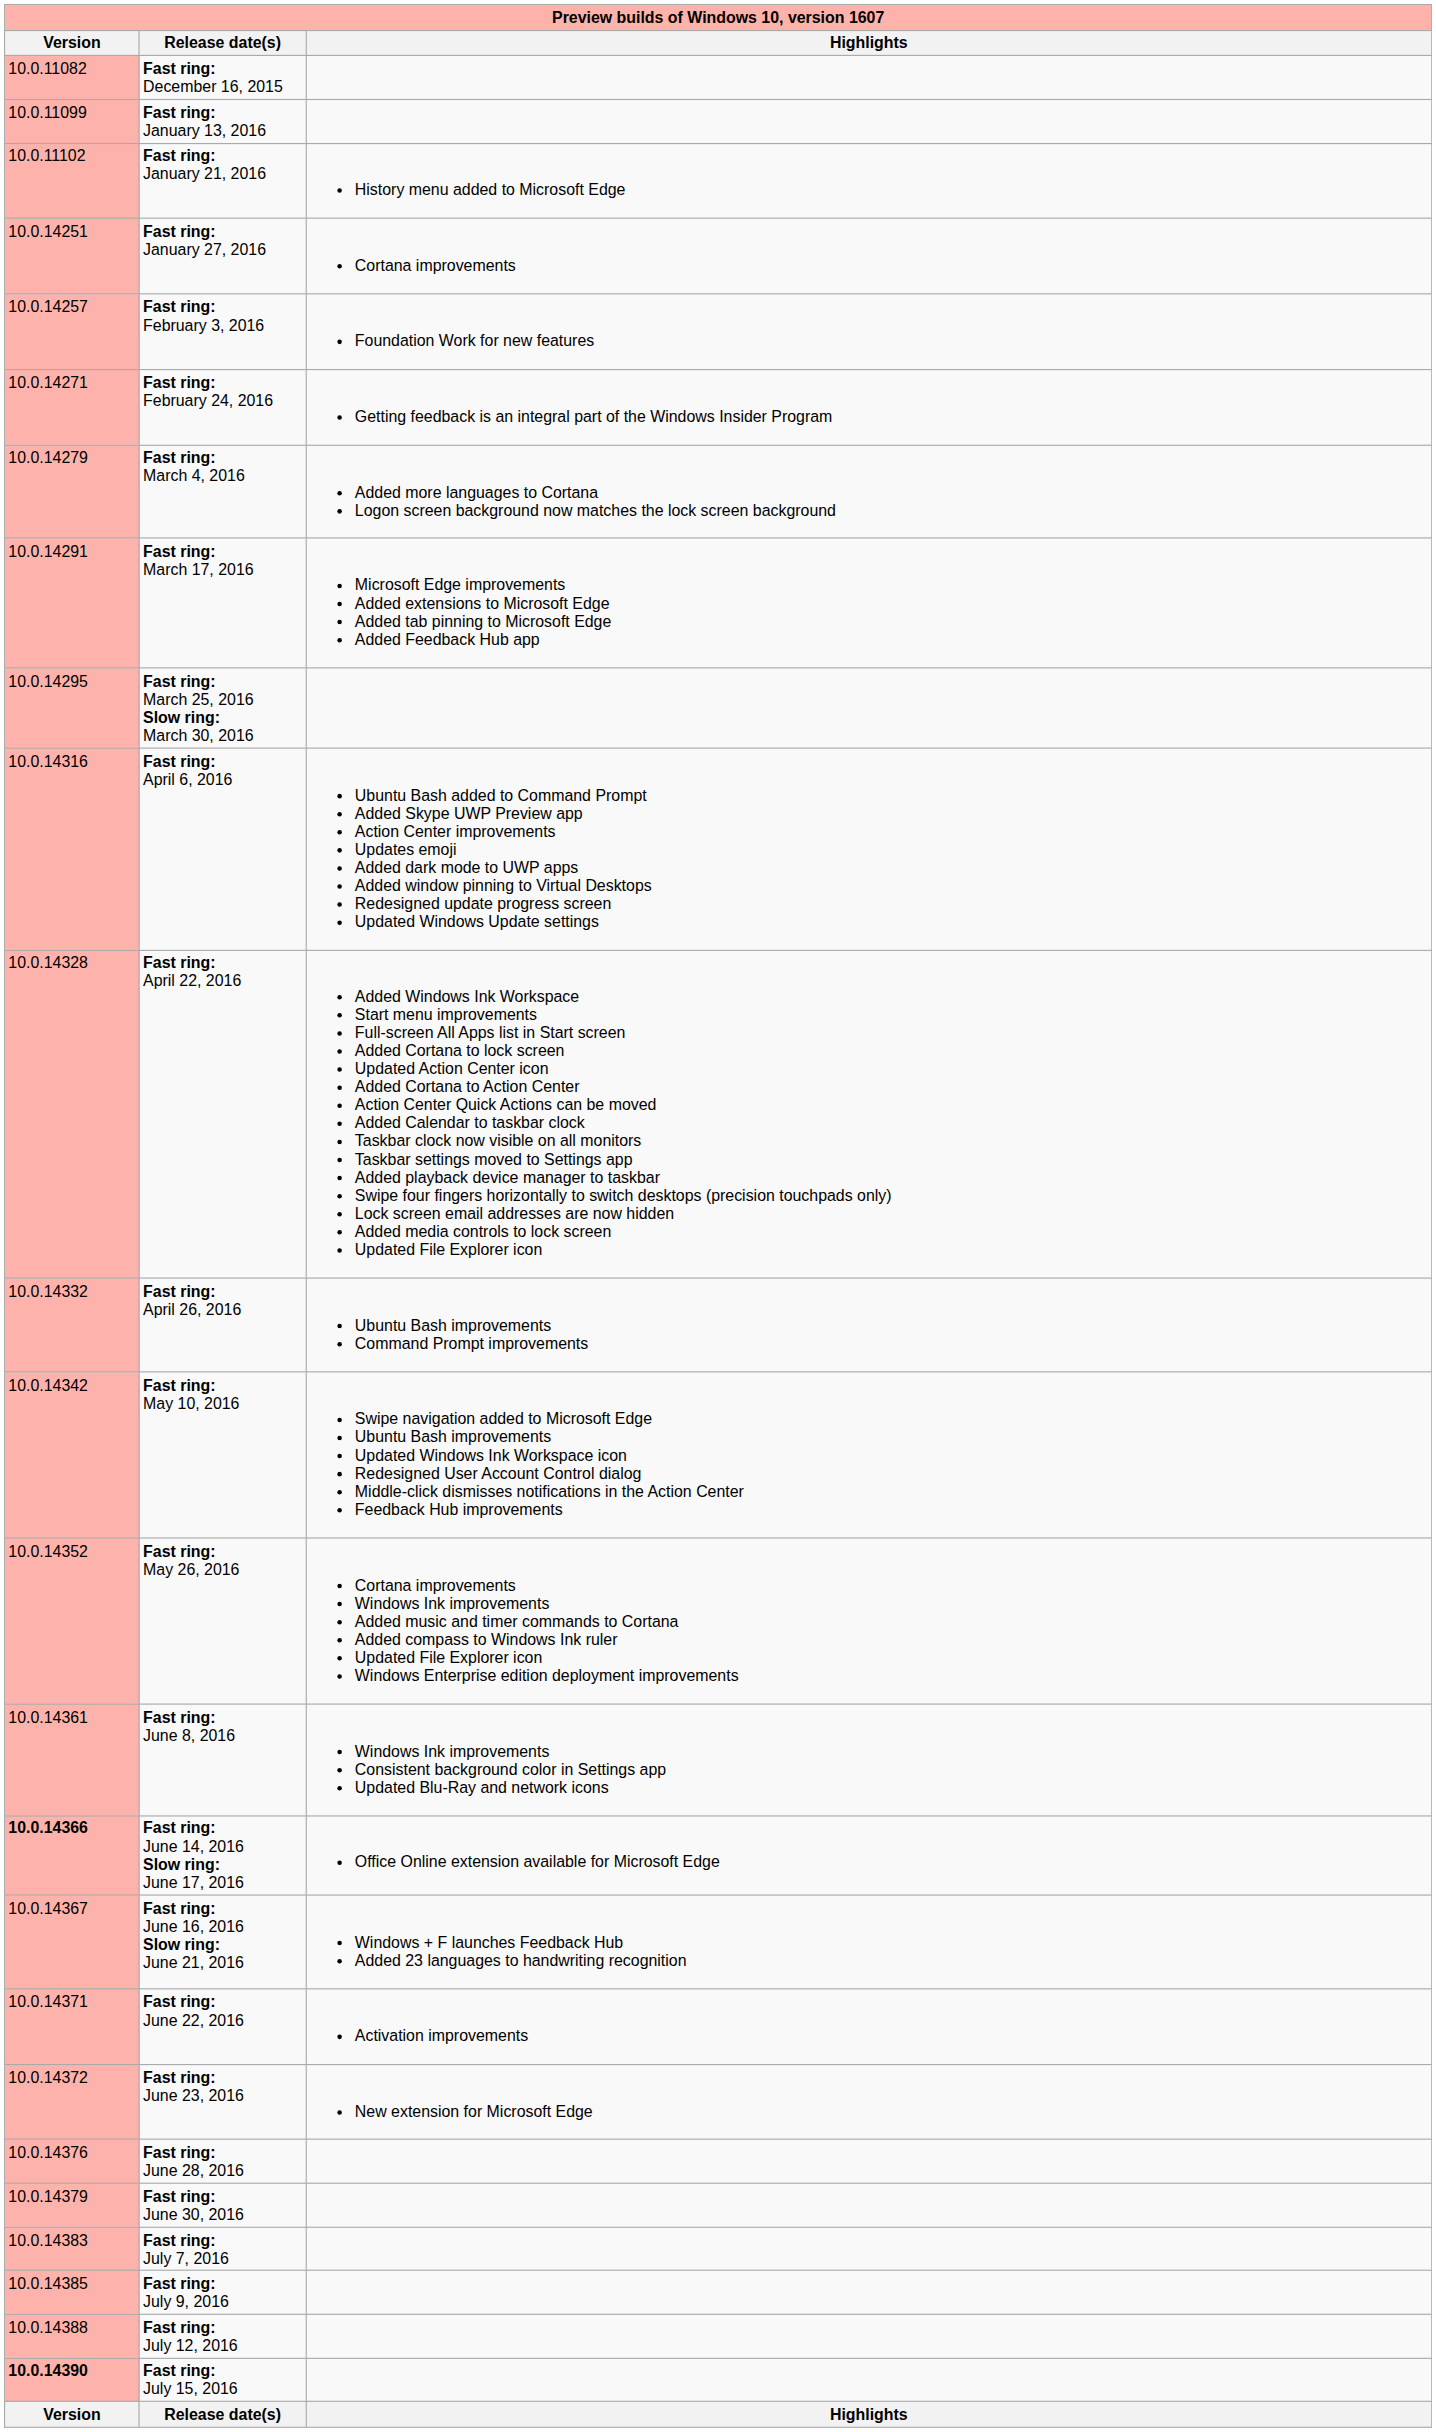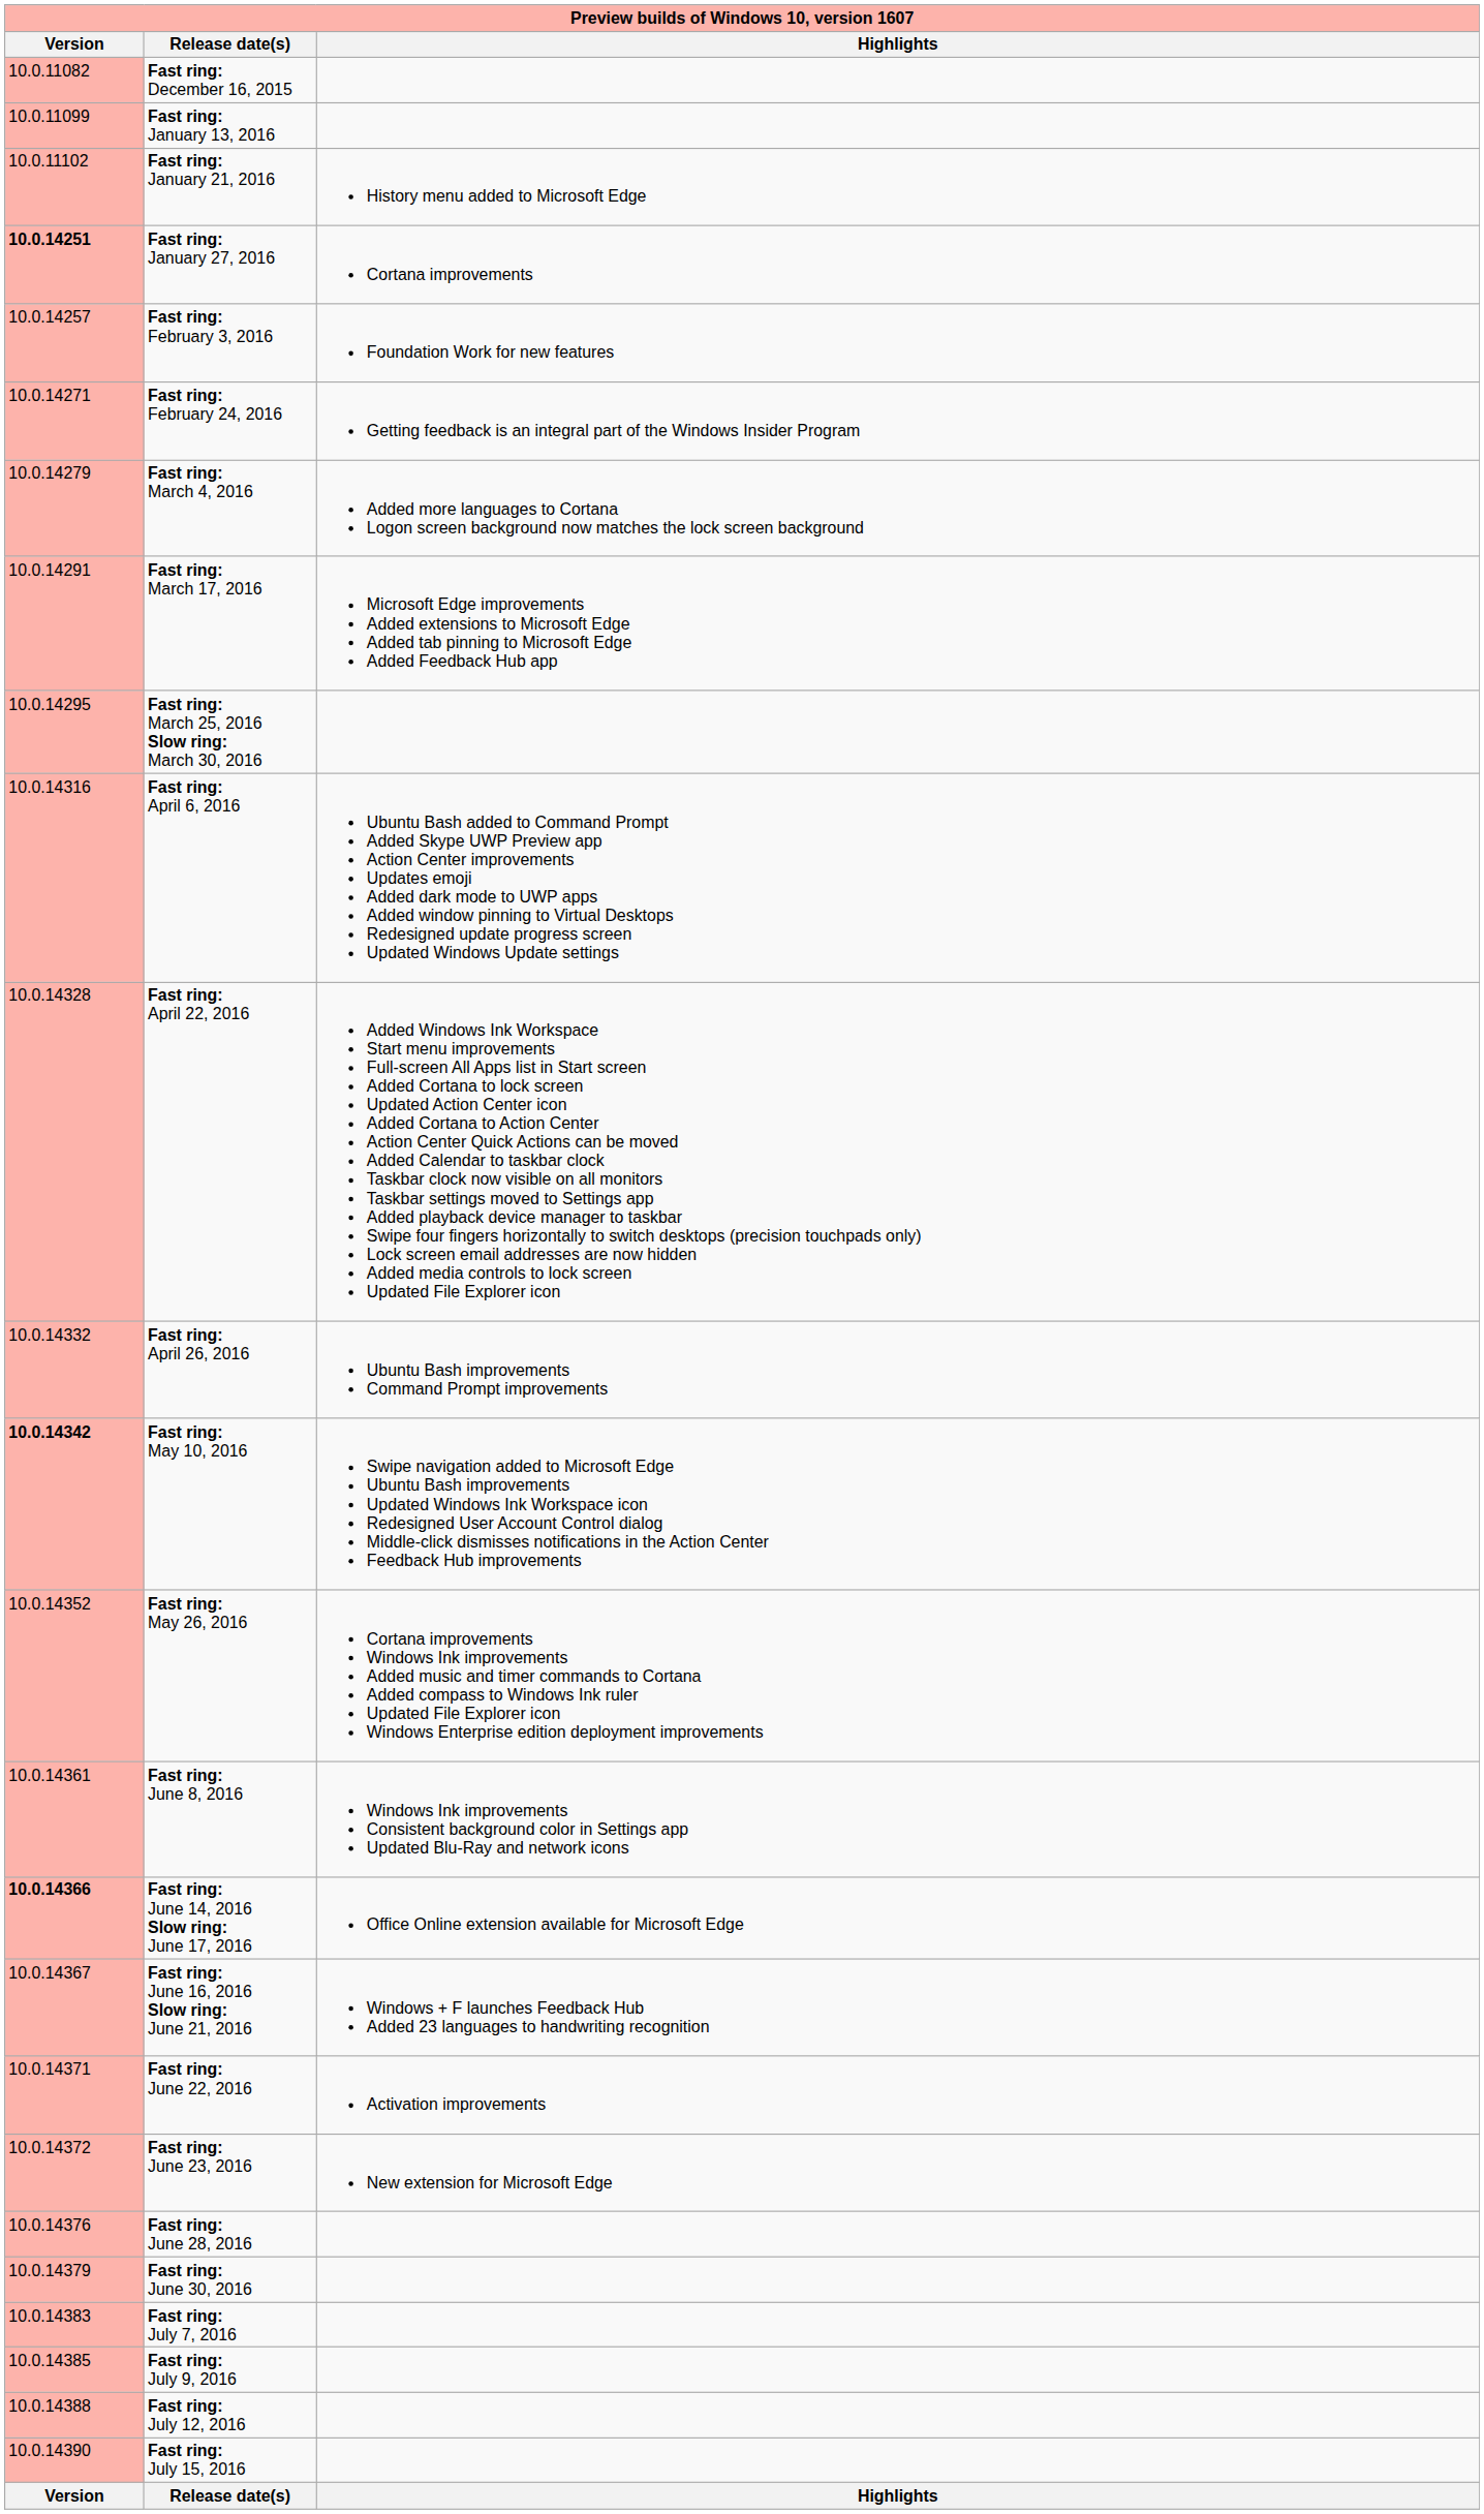 <table class="wikitable mw-collapsible mw-collapsed" style=width:100%;font-size:88%>
 <tr>
 <th colspan=3 style=background:#fdb3ab;text-align:center>Preview builds of Windows 10, version 1607</th>
 </tr>
 <tr>
 <th scope=col style=width:8em;text-align:center>Version</th>
 <th scope=col style=width:10em;text-align:center>Release date(s)</th>
 <th scope=col style=text-align:center>Highlights</th>
 </tr>
 <tr style=vertical-align:top>
 <td style=background:#fdb3ab>10.0.11082<br></td>
 <td><strong>Fast ring:</strong><br>December 16, 2015</td>
 <td></td>
 </tr>
 <tr valign=top>
 <td style=background:#fdb3ab>10.0.11099<br></td>
 <td><strong>Fast ring:</strong><br>January 13, 2016</td>
 <td></td>
 </tr>
 <tr valign=top>
 <td style=background:#fdb3ab>10.0.11102<br></td>
 <td><strong>Fast ring:</strong><br>January 21, 2016</td>
 <td><br><ul><li>History menu added to Microsoft Edge</li></ul></td>
 </tr>
 <tr valign=top>
-<td style=background:#fdb3ab>10.0.14251<br></td>
+<td style=background:#fdb3ab><strong>10.0.14251<br></strong></td>
 <td><strong>Fast ring:</strong><br>January 27, 2016</td>
 <td><br><ul><li>Cortana improvements</li></ul></td>
 </tr>
 <tr valign=top>
 <td style=background:#fdb3ab>10.0.14257<br></td>
 <td><strong>Fast ring:</strong><br>February 3, 2016</td>
 <td><br><ul><li>Foundation Work for new features</li></ul></td>
 </tr>
 <tr valign=top>
 <td style=background:#fdb3ab>10.0.14271<br></td>
 <td><strong>Fast ring:</strong><br>February 24, 2016</td>
 <td><br><ul><li>Getting feedback is an integral part of the Windows Insider Program</li></ul></td>
 </tr>
 <tr valign=top>
 <td style=background:#fdb3ab>10.0.14279<br></td>
 <td><strong>Fast ring:</strong><br>March 4, 2016</td>
 <td><br><ul><li>Added more languages to Cortana</li><li>Logon screen background now matches the lock screen background</li></ul></td>
 </tr>
 <tr valign=top>
 <td style=background:#fdb3ab>10.0.14291<br></td>
 <td><strong>Fast ring:</strong><br>March 17, 2016</td>
 <td><br><ul><li>Microsoft Edge improvements</li><li>Added extensions to Microsoft Edge</li><li>Added tab pinning to Microsoft Edge</li><li>Added Feedback Hub app</li></ul></td>
 </tr>
 <tr valign=top>
 <td style=background:#fdb3ab>10.0.14295<br></td>
 <td><strong>Fast ring:</strong><br>March 25, 2016<br><strong>Slow ring:</strong><br>March 30, 2016</td>
 <td></td>
 </tr>
 <tr valign=top>
 <td style=background:#fdb3ab>10.0.14316<br></td>
 <td><strong>Fast ring:</strong><br>April 6, 2016</td>
 <td><br><ul><li>Ubuntu Bash added to Command Prompt</li><li>Added Skype UWP Preview app</li><li>Action Center improvements</li><li>Updates emoji</li><li>Added dark mode to UWP apps</li><li>Added window pinning to Virtual Desktops</li><li>Redesigned update progress screen</li><li>Updated Windows Update settings</li></ul></td>
 </tr>
 <tr valign=top>
 <td style=background:#fdb3ab>10.0.14328<br></td>
 <td><strong>Fast ring:</strong><br>April 22, 2016</td>
 <td><br><ul><li>Added Windows Ink Workspace</li><li>Start menu improvements</li><li>Full-screen All Apps list in Start screen</li><li>Added Cortana to lock screen</li><li>Updated Action Center icon</li><li>Added Cortana to Action Center</li><li>Action Center Quick Actions can be moved</li><li>Added Calendar to taskbar clock</li><li>Taskbar clock now visible on all monitors</li><li>Taskbar settings moved to Settings app</li><li>Added playback device manager to taskbar</li><li>Swipe four fingers horizontally to switch desktops (precision touchpads only)</li><li>Lock screen email addresses are now hidden</li><li>Added media controls to lock screen</li><li>Updated File Explorer icon</li></ul></td>
 </tr>
 <tr valign=top>
 <td style=background:#fdb3ab>10.0.14332<br></td>
 <td><strong>Fast ring:</strong><br>April 26, 2016</td>
 <td><br><ul><li>Ubuntu Bash improvements</li><li>Command Prompt improvements</li></ul></td>
 </tr>
 <tr valign=top>
-<td style=background:#fdb3ab>10.0.14342<br></td>
+<td style=background:#fdb3ab><strong>10.0.14342<br></strong></td>
 <td><strong>Fast ring:</strong><br>May 10, 2016</td>
 <td><br><ul><li>Swipe navigation added to Microsoft Edge</li><li>Ubuntu Bash improvements</li><li>Updated Windows Ink Workspace icon</li><li>Redesigned User Account Control dialog</li><li>Middle-click dismisses notifications in the Action Center</li><li>Feedback Hub improvements</li></ul></td>
 </tr>
 <tr valign=top>
 <td style=background:#fdb3ab>10.0.14352<br></td>
 <td><strong>Fast ring:</strong><br>May 26, 2016</td>
 <td><br><ul><li>Cortana improvements</li><li>Windows Ink improvements</li><li>Added music and timer commands to Cortana</li><li>Added compass to Windows Ink ruler</li><li>Updated File Explorer icon</li><li>Windows Enterprise edition deployment improvements</li></ul></td>
 </tr>
 <tr valign=top>
 <td style=background:#fdb3ab>10.0.14361<br></td>
 <td><strong>Fast ring:</strong><br>June 8, 2016</td>
 <td><br><ul><li>Windows Ink improvements</li><li>Consistent background color in Settings app</li><li>Updated Blu-Ray and network icons</li></ul></td>
 </tr>
 <tr valign=top>
 <td style=background:#fdb3ab><strong>10.0.14366<br></strong></td>
 <td><strong>Fast ring:</strong><br>June 14, 2016<br><strong>Slow ring:</strong><br>June 17, 2016</td>
 <td><br><ul><li>Office Online extension available for Microsoft Edge</li></ul></td>
 </tr>
 <tr valign=top>
 <td style=background:#fdb3ab>10.0.14367<br></td>
 <td><strong>Fast ring:</strong><br>June 16, 2016<br><strong>Slow ring:</strong><br>June 21, 2016</td>
 <td><br><ul><li>Windows + F launches Feedback Hub</li><li>Added 23 languages to handwriting recognition</li></ul></td>
 </tr>
 <tr valign=top>
 <td style=background:#fdb3ab>10.0.14371<br></td>
 <td><strong>Fast ring:</strong><br>June 22, 2016</td>
 <td><br><ul><li>Activation improvements</li></ul></td>
 </tr>
 <tr valign=top>
 <td style=background:#fdb3ab>10.0.14372<br></td>
 <td><strong>Fast ring:</strong><br>June 23, 2016</td>
 <td><br><ul><li>New extension for Microsoft Edge</li></ul></td>
 </tr>
 <tr valign=top>
 <td style=background:#fdb3ab>10.0.14376<br></td>
 <td><strong>Fast ring:</strong><br>June 28, 2016</td>
 <td></td>
 </tr>
 <tr valign=top>
 <td style=background:#fdb3ab>10.0.14379<br></td>
 <td><strong>Fast ring:</strong><br>June 30, 2016</td>
 <td></td>
 </tr>
 <tr valign=top>
 <td style=background:#fdb3ab>10.0.14383<br></td>
 <td><strong>Fast ring:</strong><br>July 7, 2016</td>
 <td></td>
 </tr>
 <tr valign=top>
 <td style=background:#fdb3ab>10.0.14385<br></td>
 <td><strong>Fast ring:</strong><br>July 9, 2016</td>
 <td></td>
 </tr>
 <tr valign=top>
 <td style=background:#fdb3ab>10.0.14388<br></td>
 <td><strong>Fast ring:</strong><br>July 12, 2016</td>
 <td></td>
 </tr>
 <tr valign=top>
-<td style=background:#fdb3ab><strong>10.0.14390<br></strong></td>
+<td style=background:#fdb3ab>10.0.14390<br></td>
 <td><strong>Fast ring:</strong><br>July 15, 2016</td>
 <td></td>
 </tr>
 <tr valign=top>
 <th>Version</th>
 <th>Release date(s)</th>
 <th>Highlights</th>
 </tr>
 </table>
